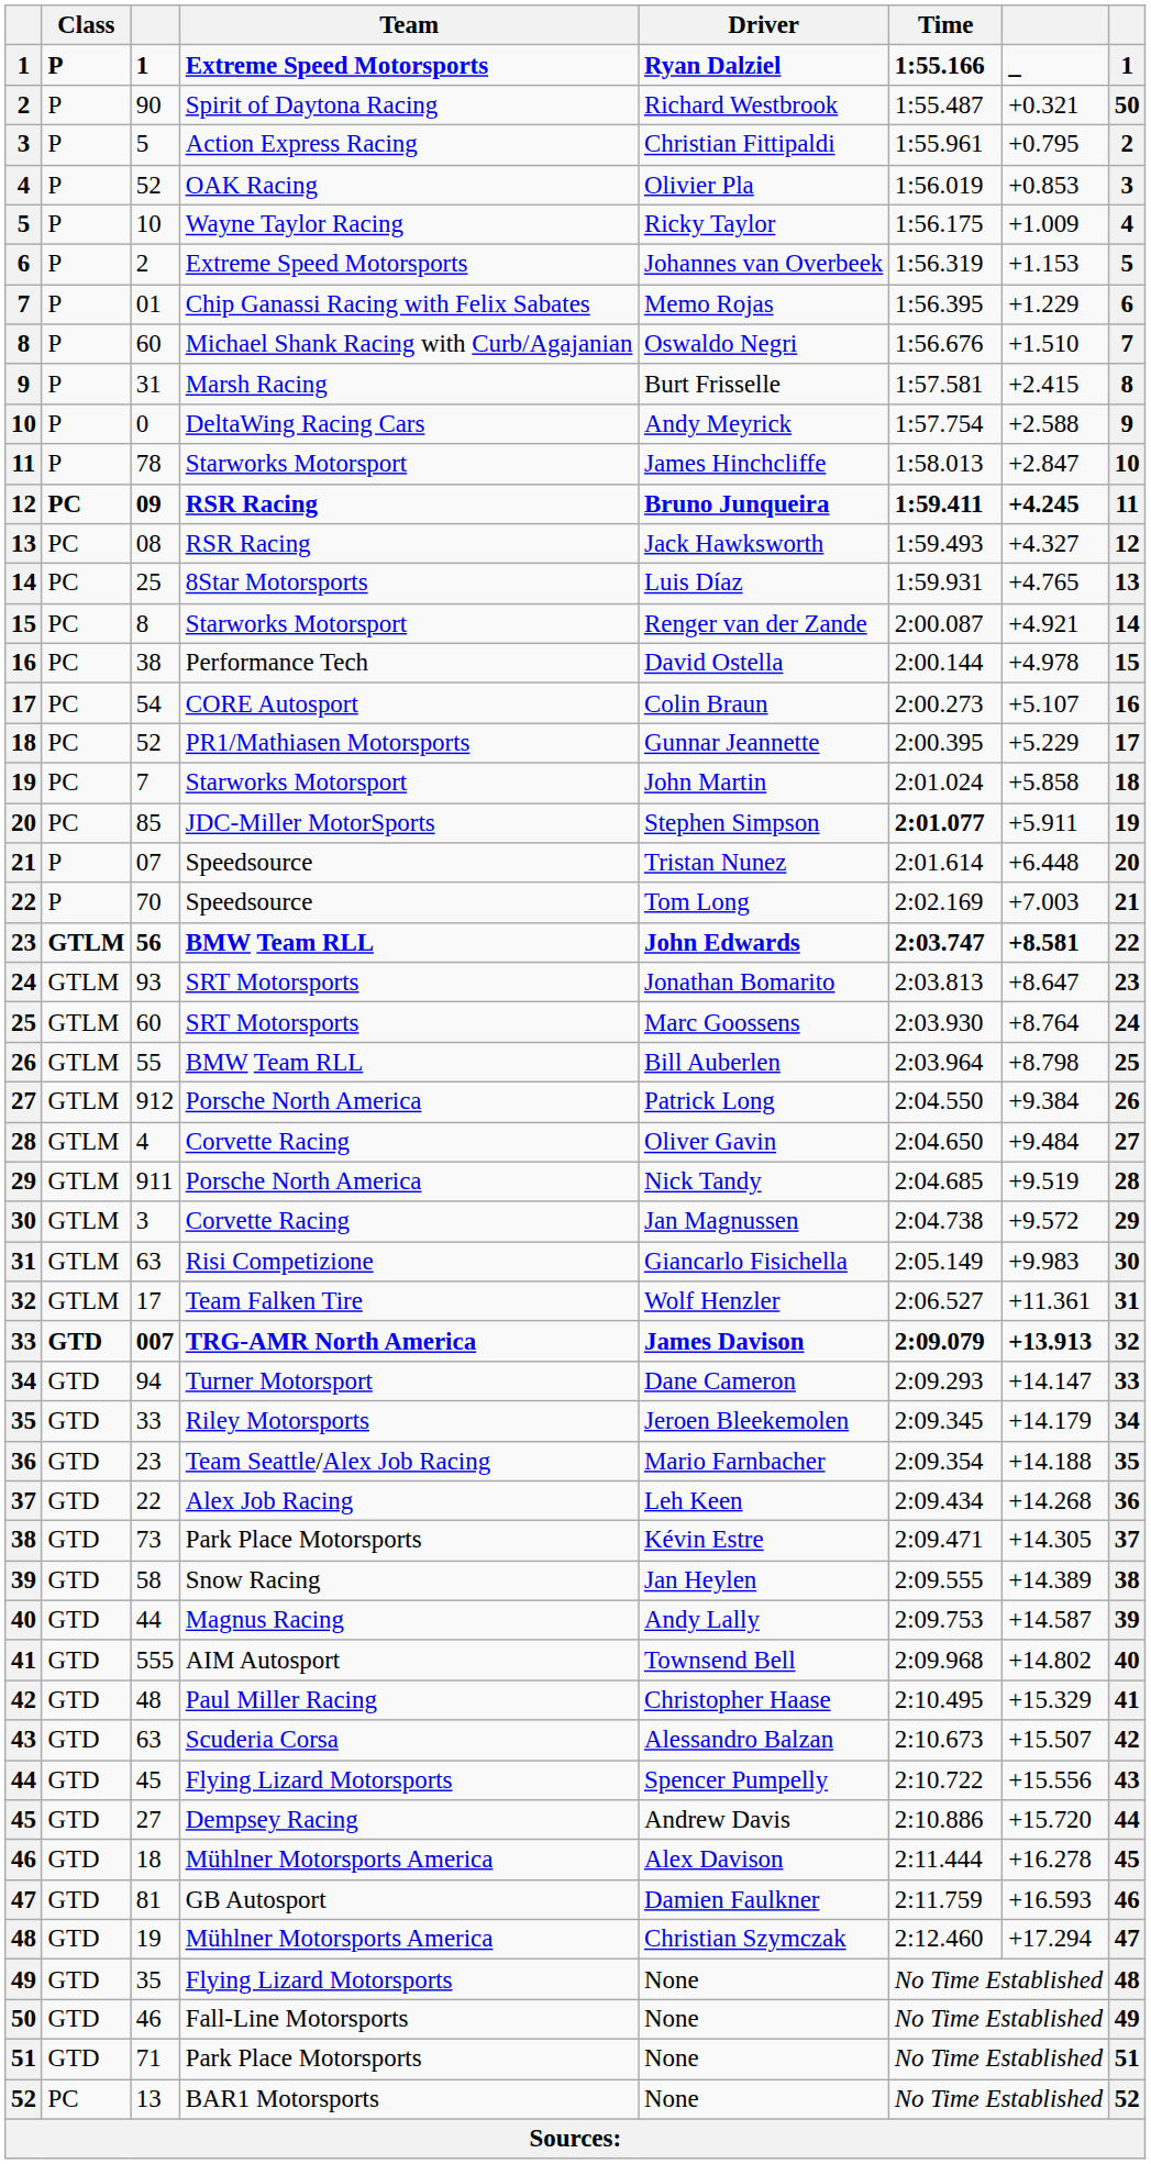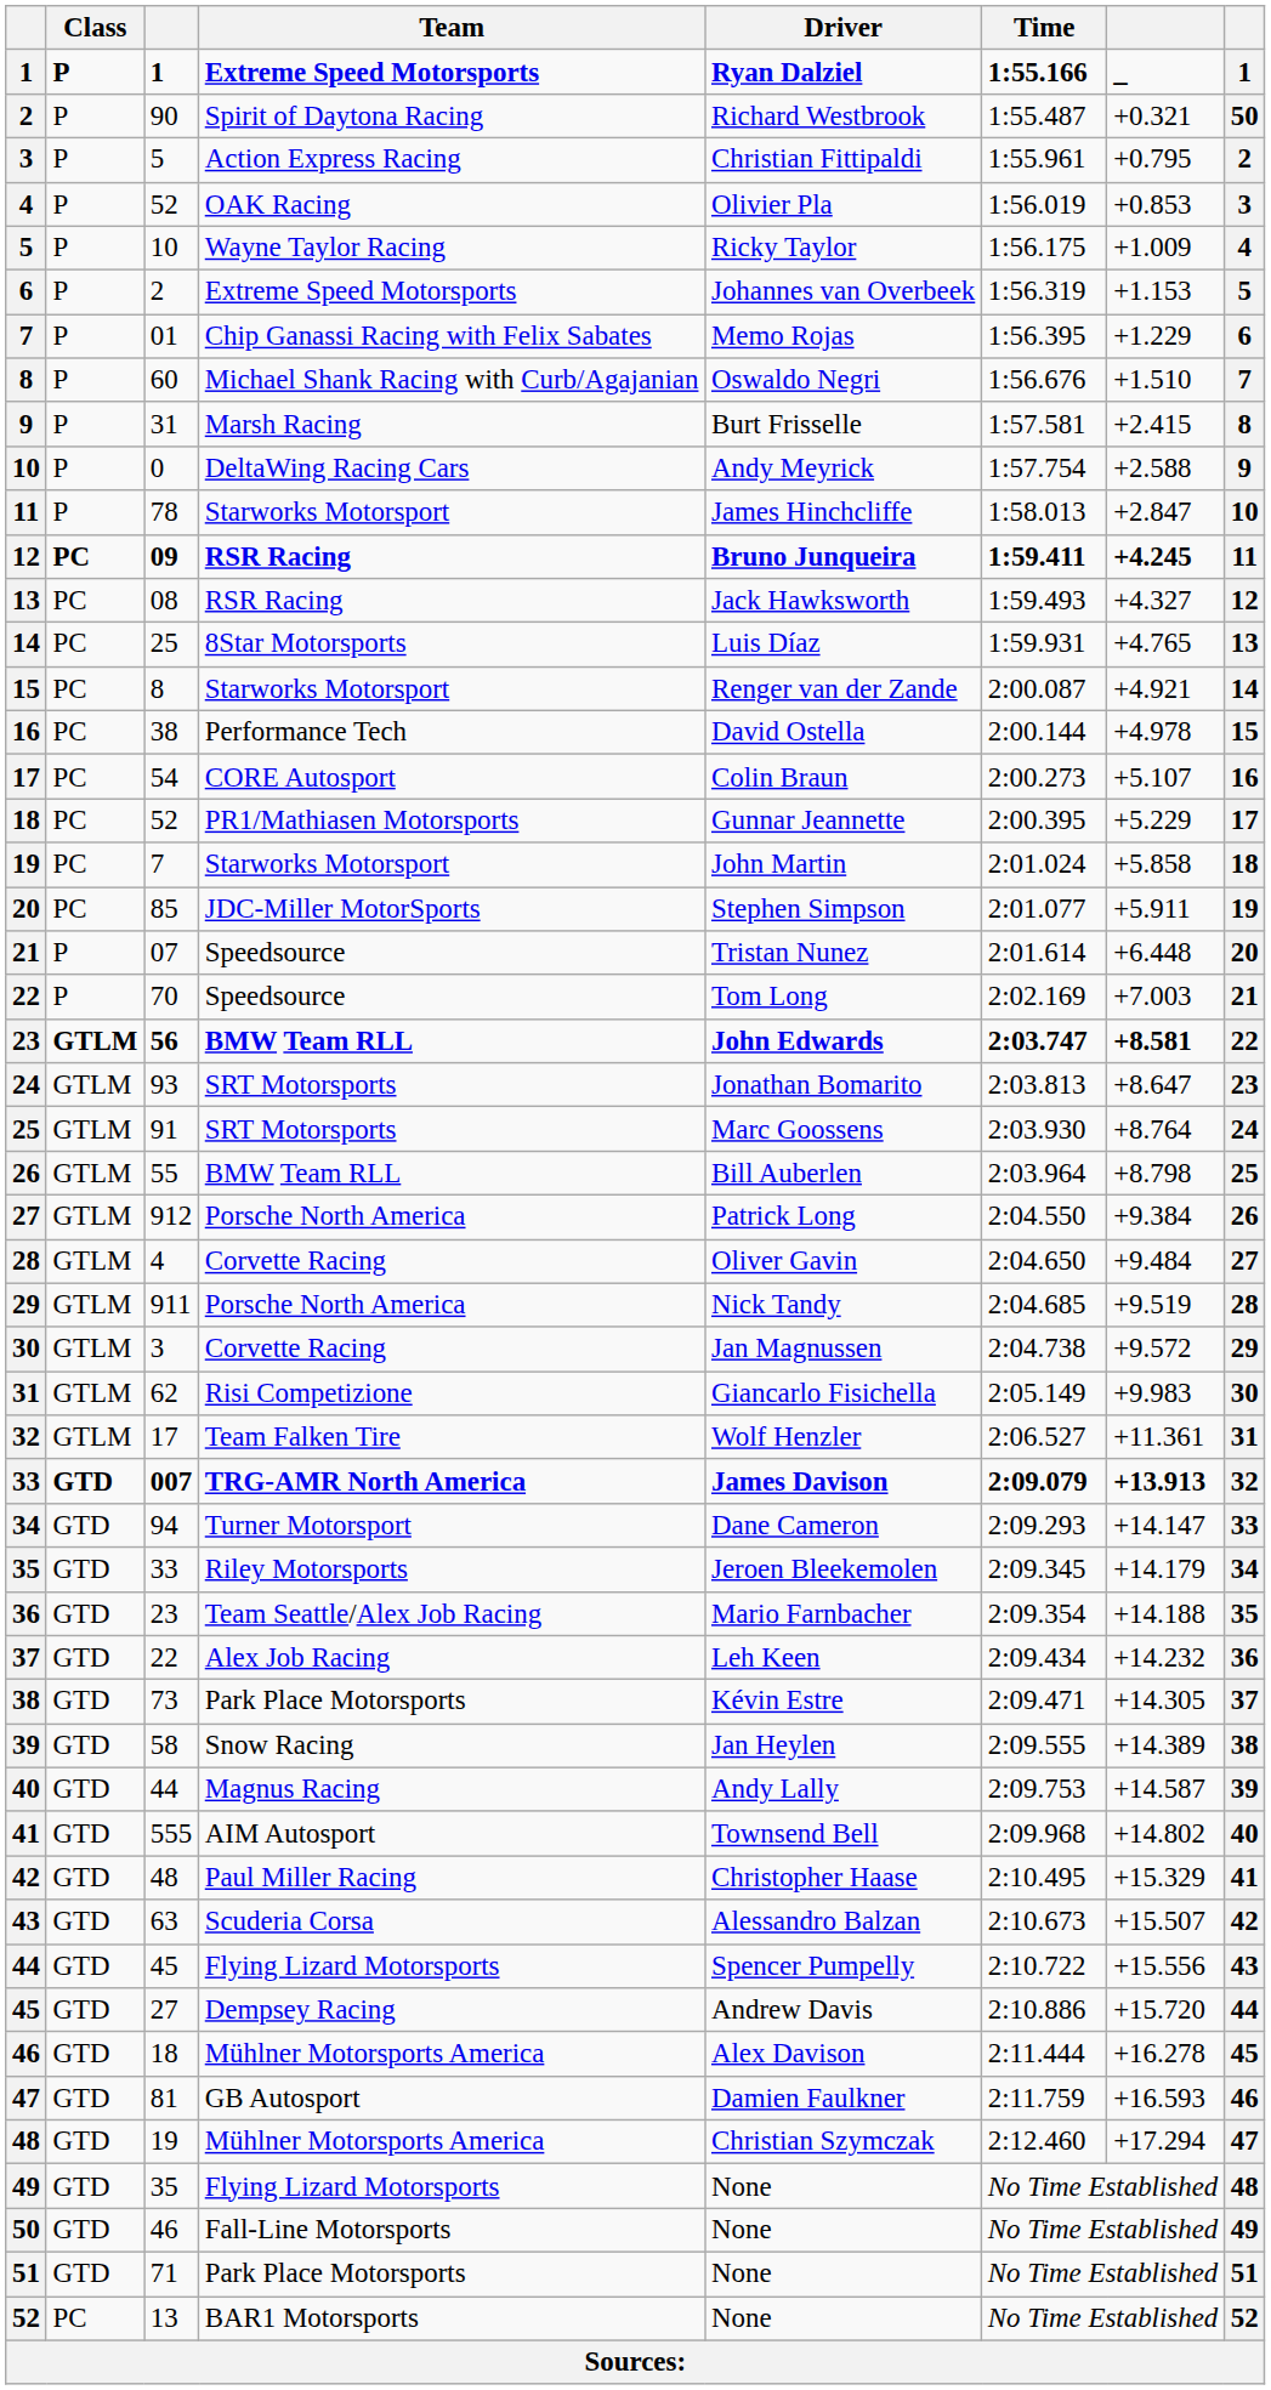 <table class="wikitable">
 <tr>
 <th></th>
 <th>Class</th>
 <th></th>
 <th>Team</th>
 <th>Driver</th>
 <th>Time</th>
 <th></th>
 <th></th>
 </tr>
 <tr>
 <th>1</th>
 <td><strong>P</strong></td>
 <td><strong>1</strong></td>
 <td><strong> <a href='#'>Extreme Speed Motorsports</a></strong></td>
 <td><strong> <a href='#'>Ryan Dalziel</a></strong></td>
 <td><strong>1:55.166</strong></td>
 <td><strong>_</strong></td>
 <th>1</th>
 </tr>
 <tr>
 <th>2</th>
 <td>P</td>
 <td>90</td>
 <td> <a href='#'>Spirit of Daytona Racing</a></td>
 <td> <a href='#'>Richard Westbrook</a></td>
 <td>1:55.487</td>
 <td>+0.321</td>
 <th>50</th>
 </tr>
 <tr>
 <th>3</th>
 <td>P</td>
 <td>5</td>
 <td> <a href='#'>Action Express Racing</a></td>
 <td> <a href='#'>Christian Fittipaldi</a></td>
 <td>1:55.961</td>
 <td>+0.795</td>
 <th>2</th>
 </tr>
 <tr>
 <th>4</th>
 <td>P</td>
 <td>52</td>
 <td> <a href='#'>OAK Racing</a></td>
 <td> <a href='#'>Olivier Pla</a></td>
 <td>1:56.019</td>
 <td>+0.853</td>
 <th>3</th>
 </tr>
 <tr>
 <th>5</th>
 <td>P</td>
 <td>10</td>
 <td> <a href='#'>Wayne Taylor Racing</a></td>
 <td> <a href='#'>Ricky Taylor</a></td>
 <td>1:56.175</td>
 <td>+1.009</td>
 <th>4</th>
 </tr>
 <tr>
 <th>6</th>
 <td>P</td>
 <td>2</td>
 <td> <a href='#'>Extreme Speed Motorsports</a></td>
 <td> <a href='#'>Johannes van Overbeek</a></td>
 <td>1:56.319</td>
 <td>+1.153</td>
 <th>5</th>
 </tr>
 <tr>
 <th>7</th>
 <td>P</td>
 <td>01</td>
 <td> <a href='#'>Chip Ganassi Racing with Felix Sabates</a></td>
 <td> <a href='#'>Memo Rojas</a></td>
 <td>1:56.395</td>
 <td>+1.229</td>
 <th>6</th>
 </tr>
 <tr>
 <th>8</th>
 <td>P</td>
 <td>60</td>
 <td> <a href='#'>Michael Shank Racing</a> with <a href='#'>Curb/Agajanian</a></td>
 <td> <a href='#'>Oswaldo Negri</a></td>
 <td>1:56.676</td>
 <td>+1.510</td>
 <th>7</th>
 </tr>
 <tr>
 <th>9</th>
 <td>P</td>
 <td>31</td>
 <td> <a href='#'>Marsh Racing</a></td>
 <td> Burt Frisselle</td>
 <td>1:57.581</td>
 <td>+2.415</td>
 <th>8</th>
 </tr>
 <tr>
 <th>10</th>
 <td>P</td>
 <td>0</td>
 <td> <a href='#'>DeltaWing Racing Cars</a></td>
 <td> <a href='#'>Andy Meyrick</a></td>
 <td>1:57.754</td>
 <td>+2.588</td>
 <th>9</th>
 </tr>
 <tr>
 <th>11</th>
 <td>P</td>
 <td>78</td>
 <td> <a href='#'>Starworks Motorsport</a></td>
 <td> <a href='#'>James Hinchcliffe</a></td>
 <td>1:58.013</td>
 <td>+2.847</td>
 <th>10</th>
 </tr>
 <tr>
 <th>12</th>
 <td><strong>PC</strong></td>
 <td><strong>09</strong></td>
 <td><strong> <a href='#'>RSR Racing</a></strong></td>
 <td><strong> <a href='#'>Bruno Junqueira</a></strong></td>
 <td><strong>1:59.411</strong></td>
 <td><strong>+4.245</strong></td>
 <th>11</th>
 </tr>
 <tr>
 <th>13</th>
 <td>PC</td>
 <td>08</td>
 <td> <a href='#'>RSR Racing</a></td>
 <td> <a href='#'>Jack Hawksworth</a></td>
 <td>1:59.493</td>
 <td>+4.327</td>
 <th>12</th>
 </tr>
 <tr>
 <th>14</th>
 <td>PC</td>
 <td>25</td>
 <td> <a href='#'>8Star Motorsports</a></td>
 <td> <a href='#'>Luis Díaz</a></td>
 <td>1:59.931</td>
 <td>+4.765</td>
 <th>13</th>
 </tr>
 <tr>
 <th>15</th>
 <td>PC</td>
 <td>8</td>
 <td> <a href='#'>Starworks Motorsport</a></td>
 <td> <a href='#'>Renger van der Zande</a></td>
 <td>2:00.087</td>
 <td>+4.921</td>
 <th>14</th>
 </tr>
 <tr>
 <th>16</th>
 <td>PC</td>
 <td>38</td>
 <td> Performance Tech</td>
 <td> <a href='#'>David Ostella</a></td>
 <td>2:00.144</td>
 <td>+4.978</td>
 <th>15</th>
 </tr>
 <tr>
 <th>17</th>
 <td>PC</td>
 <td>54</td>
 <td> <a href='#'>CORE Autosport</a></td>
 <td> <a href='#'>Colin Braun</a></td>
 <td>2:00.273</td>
 <td>+5.107</td>
 <th>16</th>
 </tr>
 <tr>
 <th>18</th>
 <td>PC</td>
 <td>52</td>
 <td> <a href='#'>PR1/Mathiasen Motorsports</a></td>
 <td> <a href='#'>Gunnar Jeannette</a></td>
 <td>2:00.395</td>
 <td>+5.229</td>
 <th>17</th>
 </tr>
 <tr>
 <th>19</th>
 <td>PC</td>
 <td>7</td>
 <td> <a href='#'>Starworks Motorsport</a></td>
 <td> <a href='#'>John Martin</a></td>
 <td>2:01.024</td>
 <td>+5.858</td>
 <th>18</th>
 </tr>
 <tr>
 <th>20</th>
 <td>PC</td>
 <td>85</td>
 <td> <a href='#'>JDC-Miller MotorSports</a></td>
 <td> <a href='#'>Stephen Simpson</a></td>
-<td><strong>2:01.077</strong></td>
+<td>2:01.077</td>
 <td>+5.911</td>
 <th>19</th>
 </tr>
 <tr>
 <th>21</th>
 <td>P</td>
 <td>07</td>
 <td> Speedsource</td>
 <td> <a href='#'>Tristan Nunez</a></td>
 <td>2:01.614</td>
 <td>+6.448</td>
 <th>20</th>
 </tr>
 <tr>
 <th>22</th>
 <td>P</td>
 <td>70</td>
 <td> Speedsource</td>
 <td> <a href='#'>Tom Long</a></td>
 <td>2:02.169</td>
 <td>+7.003</td>
 <th>21</th>
 </tr>
 <tr>
 <th>23</th>
 <td><strong>GTLM</strong></td>
 <td><strong>56</strong></td>
 <td><strong> <a href='#'>BMW</a> <a href='#'>Team RLL</a></strong></td>
 <td><strong> <a href='#'>John Edwards</a></strong></td>
 <td><strong>2:03.747</strong></td>
 <td><strong>+8.581</strong></td>
 <th>22</th>
 </tr>
 <tr>
 <th>24</th>
 <td>GTLM</td>
 <td>93</td>
 <td> <a href='#'>SRT Motorsports</a></td>
 <td> <a href='#'>Jonathan Bomarito</a></td>
 <td>2:03.813</td>
 <td>+8.647</td>
 <th>23</th>
 </tr>
 <tr>
 <th>25</th>
 <td>GTLM</td>
-<td>60</td>
+<td>91</td>
 <td> <a href='#'>SRT Motorsports</a></td>
 <td> <a href='#'>Marc Goossens</a></td>
 <td>2:03.930</td>
 <td>+8.764</td>
 <th>24</th>
 </tr>
 <tr>
 <th>26</th>
 <td>GTLM</td>
 <td>55</td>
 <td> <a href='#'>BMW</a> <a href='#'>Team RLL</a></td>
 <td> <a href='#'>Bill Auberlen</a></td>
 <td>2:03.964</td>
 <td>+8.798</td>
 <th>25</th>
 </tr>
 <tr>
 <th>27</th>
 <td>GTLM</td>
 <td>912</td>
 <td> <a href='#'>Porsche North America</a></td>
 <td> <a href='#'>Patrick Long</a></td>
 <td>2:04.550</td>
 <td>+9.384</td>
 <th>26</th>
 </tr>
 <tr>
 <th>28</th>
 <td>GTLM</td>
 <td>4</td>
 <td> <a href='#'>Corvette Racing</a></td>
 <td> <a href='#'>Oliver Gavin</a></td>
 <td>2:04.650</td>
 <td>+9.484</td>
 <th>27</th>
 </tr>
 <tr>
 <th>29</th>
 <td>GTLM</td>
 <td>911</td>
 <td> <a href='#'>Porsche North America</a></td>
 <td> <a href='#'>Nick Tandy</a></td>
 <td>2:04.685</td>
 <td>+9.519</td>
 <th>28</th>
 </tr>
 <tr>
 <th>30</th>
 <td>GTLM</td>
 <td>3</td>
 <td> <a href='#'>Corvette Racing</a></td>
 <td> <a href='#'>Jan Magnussen</a></td>
 <td>2:04.738</td>
 <td>+9.572</td>
 <th>29</th>
 </tr>
 <tr>
 <th>31</th>
 <td>GTLM</td>
-<td>63</td>
+<td>62</td>
 <td> <a href='#'>Risi Competizione</a></td>
 <td> <a href='#'>Giancarlo Fisichella</a></td>
 <td>2:05.149</td>
 <td>+9.983</td>
 <th>30</th>
 </tr>
 <tr>
 <th>32</th>
 <td>GTLM</td>
 <td>17</td>
 <td> <a href='#'>Team Falken Tire</a></td>
 <td> <a href='#'>Wolf Henzler</a></td>
 <td>2:06.527</td>
 <td>+11.361</td>
 <th>31</th>
 </tr>
 <tr>
 <th>33</th>
 <td><strong>GTD</strong></td>
 <td><strong>007</strong></td>
 <td><strong> <a href='#'>TRG-AMR North America</a></strong></td>
 <td><strong> <a href='#'>James Davison</a></strong></td>
 <td><strong>2:09.079</strong></td>
 <td><strong>+13.913</strong></td>
 <th>32</th>
 </tr>
 <tr>
 <th>34</th>
 <td>GTD</td>
 <td>94</td>
 <td> <a href='#'>Turner Motorsport</a></td>
 <td> <a href='#'>Dane Cameron</a></td>
 <td>2:09.293</td>
 <td>+14.147</td>
 <th>33</th>
 </tr>
 <tr>
 <th>35</th>
 <td>GTD</td>
 <td>33</td>
 <td> <a href='#'>Riley Motorsports</a></td>
 <td> <a href='#'>Jeroen Bleekemolen</a></td>
 <td>2:09.345</td>
 <td>+14.179</td>
 <th>34</th>
 </tr>
 <tr>
 <th>36</th>
 <td>GTD</td>
 <td>23</td>
 <td> <a href='#'>Team Seattle</a>/<a href='#'>Alex Job Racing</a></td>
 <td> <a href='#'>Mario Farnbacher</a></td>
 <td>2:09.354</td>
 <td>+14.188</td>
 <th>35</th>
 </tr>
 <tr>
 <th>37</th>
 <td>GTD</td>
 <td>22</td>
 <td> <a href='#'>Alex Job Racing</a></td>
 <td> <a href='#'>Leh Keen</a></td>
 <td>2:09.434</td>
-<td>+14.268</td>
+<td>+14.232</td>
 <th>36</th>
 </tr>
 <tr>
 <th>38</th>
 <td>GTD</td>
 <td>73</td>
 <td> Park Place Motorsports</td>
 <td> <a href='#'>Kévin Estre</a></td>
 <td>2:09.471</td>
 <td>+14.305</td>
 <th>37</th>
 </tr>
 <tr>
 <th>39</th>
 <td>GTD</td>
 <td>58</td>
 <td> Snow Racing</td>
 <td> <a href='#'>Jan Heylen</a></td>
 <td>2:09.555</td>
 <td>+14.389</td>
 <th>38</th>
 </tr>
 <tr>
 <th>40</th>
 <td>GTD</td>
 <td>44</td>
 <td> <a href='#'>Magnus Racing</a></td>
 <td> <a href='#'>Andy Lally</a></td>
 <td>2:09.753</td>
 <td>+14.587</td>
 <th>39</th>
 </tr>
 <tr>
 <th>41</th>
 <td>GTD</td>
 <td>555</td>
 <td> AIM Autosport</td>
 <td> <a href='#'>Townsend Bell</a></td>
 <td>2:09.968</td>
 <td>+14.802</td>
 <th>40</th>
 </tr>
 <tr>
 <th>42</th>
 <td>GTD</td>
 <td>48</td>
 <td> <a href='#'>Paul Miller Racing</a></td>
 <td> <a href='#'>Christopher Haase</a></td>
 <td>2:10.495</td>
 <td>+15.329</td>
 <th>41</th>
 </tr>
 <tr>
 <th>43</th>
 <td>GTD</td>
 <td>63</td>
 <td> <a href='#'>Scuderia Corsa</a></td>
 <td> <a href='#'>Alessandro Balzan</a></td>
 <td>2:10.673</td>
 <td>+15.507</td>
 <th>42</th>
 </tr>
 <tr>
 <th>44</th>
 <td>GTD</td>
 <td>45</td>
 <td> <a href='#'>Flying Lizard Motorsports</a></td>
 <td> <a href='#'>Spencer Pumpelly</a></td>
 <td>2:10.722</td>
 <td>+15.556</td>
 <th>43</th>
 </tr>
 <tr>
 <th>45</th>
 <td>GTD</td>
 <td>27</td>
 <td> <a href='#'>Dempsey Racing</a></td>
 <td> Andrew Davis</td>
 <td>2:10.886</td>
 <td>+15.720</td>
 <th>44</th>
 </tr>
 <tr>
 <th>46</th>
 <td>GTD</td>
 <td>18</td>
 <td> <a href='#'>Mühlner Motorsports America</a></td>
 <td> <a href='#'>Alex Davison</a></td>
 <td>2:11.444</td>
 <td>+16.278</td>
 <th>45</th>
 </tr>
 <tr>
 <th>47</th>
 <td>GTD</td>
 <td>81</td>
 <td> GB Autosport</td>
 <td> <a href='#'>Damien Faulkner</a></td>
 <td>2:11.759</td>
 <td>+16.593</td>
 <th>46</th>
 </tr>
 <tr>
 <th>48</th>
 <td>GTD</td>
 <td>19</td>
 <td> <a href='#'>Mühlner Motorsports America</a></td>
 <td> <a href='#'>Christian Szymczak</a></td>
 <td>2:12.460</td>
 <td>+17.294</td>
 <th>47</th>
 </tr>
 <tr>
 <th>49</th>
 <td>GTD</td>
 <td>35</td>
 <td> <a href='#'>Flying Lizard Motorsports</a></td>
 <td>None</td>
 <td colspan="2"><em>No Time Established</em></td>
 <th>48</th>
 </tr>
 <tr>
 <th>50</th>
 <td>GTD</td>
 <td>46</td>
 <td> Fall-Line Motorsports</td>
 <td>None</td>
 <td colspan="2"><em>No Time Established</em></td>
 <th>49</th>
 </tr>
 <tr>
 <th>51</th>
 <td>GTD</td>
 <td>71</td>
 <td> Park Place Motorsports</td>
 <td>None</td>
 <td colspan="2"><em>No Time Established</em></td>
 <th>51</th>
 </tr>
 <tr>
 <th>52</th>
 <td>PC</td>
 <td>13</td>
 <td> BAR1 Motorsports</td>
 <td>None</td>
 <td colspan="2"><em>No Time Established</em></td>
 <th>52</th>
 </tr>
 <tr>
 <th colspan="8">Sources:</th>
 </tr>
 </table>
